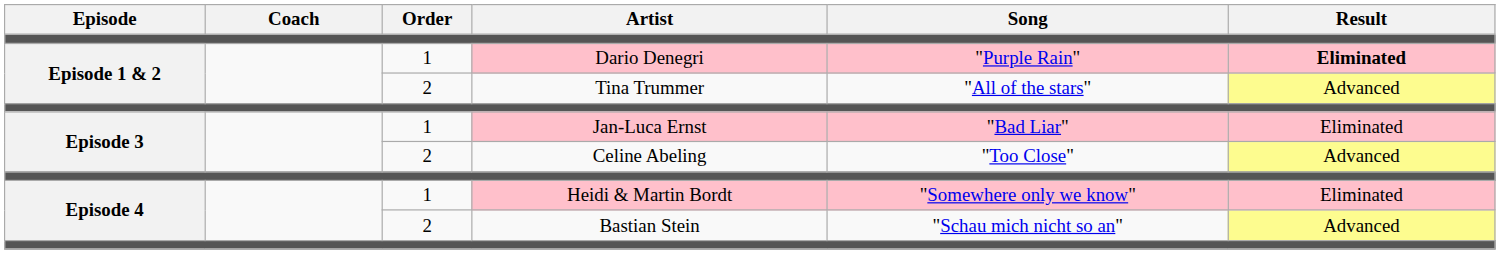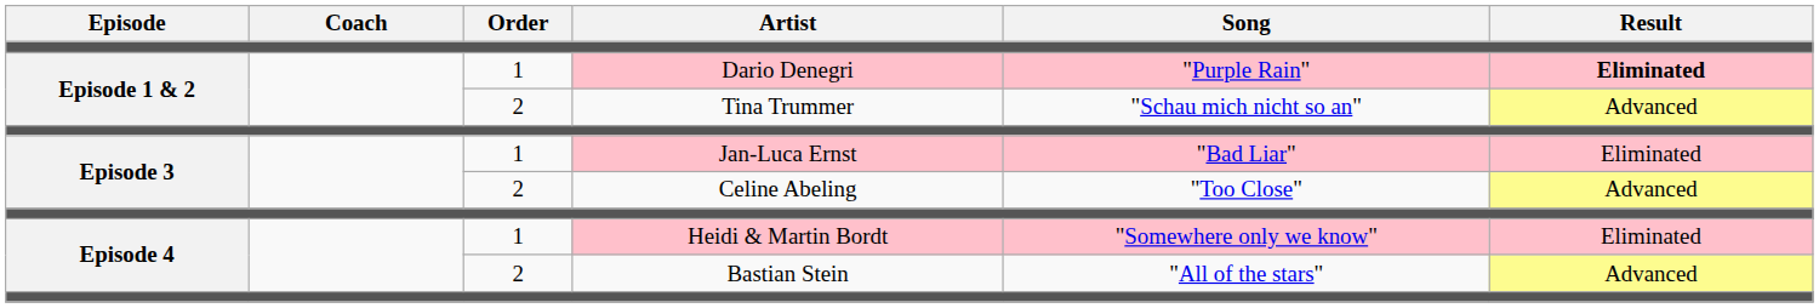 <table class="wikitable" style="text-align: center; width:100%;">
 <tr>
 <th scope="col" style="width:09%;">Episode</th>
 <th style="width:08%;">Coach</th>
 <th style="width:04%;">Order</th>
 <th style="width:16%;">Artist</th>
 <th style="width:18%;">Song</th>
 <th style="width:12%;">Result</th>
 </tr>
 <tr>
 <td colspan="6" style="background:#555;"></td>
 </tr>
 <tr>
 <th rowspan="2">Episode 1 & 2<br><small></small></th>
 <td rowspan="2" scope="row"></td>
 <td>1</td>
 <td style="background:pink;">Dario Denegri</td>
 <td style="background:pink;">"<a href='#'>Purple Rain</a>"</td>
 <td style="background:pink;"><strong>Eliminated</strong></td>
 </tr>
 <tr>
 <td>2</td>
 <td>Tina Trummer</td>
-<td>"<a href='#'>All of the stars</a>"</td>
+<td>"<a href='#'>Schau mich nicht so an</a>"</td>
 <td style="background:#fdfc8f;">Advanced</td>
 </tr>
 <tr>
 <td colspan="6" style="background:#555;"></td>
 </tr>
 <tr>
 <th rowspan="2">Episode 3<br><small></small></th>
 <td rowspan="2" scope="row"></td>
 <td>1</td>
 <td style="background:pink;">Jan-Luca Ernst</td>
 <td style="background:pink;">"<a href='#'>Bad Liar</a>"</td>
 <td style="background:pink;">Eliminated</td>
 </tr>
 <tr>
 <td>2</td>
 <td>Celine Abeling</td>
 <td>"<a href='#'>Too Close</a>"</td>
 <td style="background:#fdfc8f;">Advanced</td>
 </tr>
 <tr>
 <td colspan="6" style="background:#555;"></td>
 </tr>
 <tr>
 <th rowspan="2">Episode 4<br><small></small></th>
 <td rowspan="2" scope="row"></td>
 <td>1</td>
 <td style="background:pink;">Heidi & Martin Bordt</td>
 <td style="background:pink;">"<a href='#'>Somewhere only we know</a>"</td>
 <td style="background:pink;">Eliminated</td>
 </tr>
 <tr>
 <td>2</td>
 <td>Bastian Stein</td>
-<td>"<a href='#'>Schau mich nicht so an</a>"</td>
+<td>"<a href='#'>All of the stars</a>"</td>
 <td style="background:#fdfc8f;">Advanced</td>
 </tr>
 <tr>
 <td colspan="6" style="background:#555;"></td>
 </tr>
 <tr>
 </tr>
 </table>
